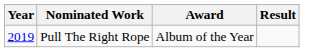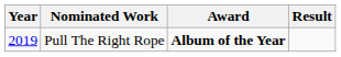 <table class="wikitable">
 <tr>
 <th>Year</th>
 <th>Nominated Work</th>
 <th>Award</th>
 <th>Result</th>
 </tr>
 <tr>
 <td rowspan="2"><a href='#'>2019</a></td>
 <td>Pull The Right Rope</td>
-<td>Album of the Year</td>
+<td><strong>Album of the Year</strong></td>
 <td></td>
 </tr>
 </table>
